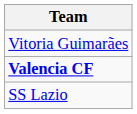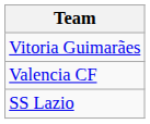 <table class= "wikitable">
 <tr>
 <th>Team</th>
 </tr>
 <tr>
 <td> <a href='#'>Vitoria Guimarães</a></td>
 </tr>
 <tr>
-<td><strong> <a href='#'>Valencia CF</a></strong></td>
+<td> <a href='#'>Valencia CF</a></td>
 </tr>
 <tr>
 <td> <a href='#'>SS Lazio</a></td>
 </tr>
 </table>
